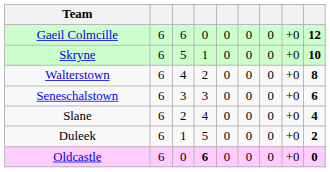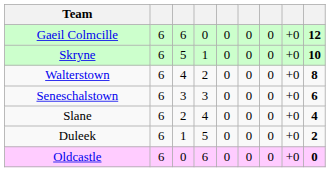 <table class="wikitable" style="text-align:center">
 <tr>
 <th style="width:175px;">Team</th>
 <th width="20"></th>
 <th width="20"></th>
 <th width="20"></th>
 <th width="20"></th>
 <th width="20"></th>
 <th width="20"></th>
 <th width="20"></th>
 <th width="20"></th>
 </tr>
 <tr style="background:#cfc;">
 <td><a href='#'>Gaeil Colmcille</a></td>
 <td>6</td>
 <td>6</td>
 <td>0</td>
 <td>0</td>
 <td>0</td>
 <td>0</td>
 <td>+0</td>
 <td><strong>12</strong></td>
 </tr>
 <tr style="background:#cfc;">
 <td><a href='#'>Skryne</a></td>
 <td>6</td>
 <td>5</td>
 <td>1</td>
 <td>0</td>
 <td>0</td>
 <td>0</td>
 <td>+0</td>
 <td><strong>10</strong></td>
 </tr>
 <tr>
 <td><a href='#'>Walterstown</a></td>
 <td>6</td>
 <td>4</td>
 <td>2</td>
 <td>0</td>
 <td>0</td>
 <td>0</td>
 <td>+0</td>
 <td><strong>8</strong></td>
 </tr>
 <tr>
 <td><a href='#'>Seneschalstown</a></td>
 <td>6</td>
 <td>3</td>
 <td>3</td>
 <td>0</td>
 <td>0</td>
 <td>0</td>
 <td>+0</td>
 <td><strong>6</strong></td>
 </tr>
 <tr>
 <td>Slane</td>
 <td>6</td>
 <td>2</td>
 <td>4</td>
 <td>0</td>
 <td>0</td>
 <td>0</td>
 <td>+0</td>
 <td><strong>4</strong></td>
 </tr>
 <tr>
 <td>Duleek</td>
 <td>6</td>
 <td>1</td>
 <td>5</td>
 <td>0</td>
 <td>0</td>
 <td>0</td>
 <td>+0</td>
 <td><strong>2</strong></td>
 </tr>
 <tr style="background:#fcf;">
 <td><a href='#'>Oldcastle</a></td>
 <td>6</td>
 <td>0</td>
-<td><strong>6</strong></td>
+<td>6</td>
 <td>0</td>
 <td>0</td>
 <td>0</td>
 <td>+0</td>
 <td><strong>0</strong></td>
 </tr>
 </table>
